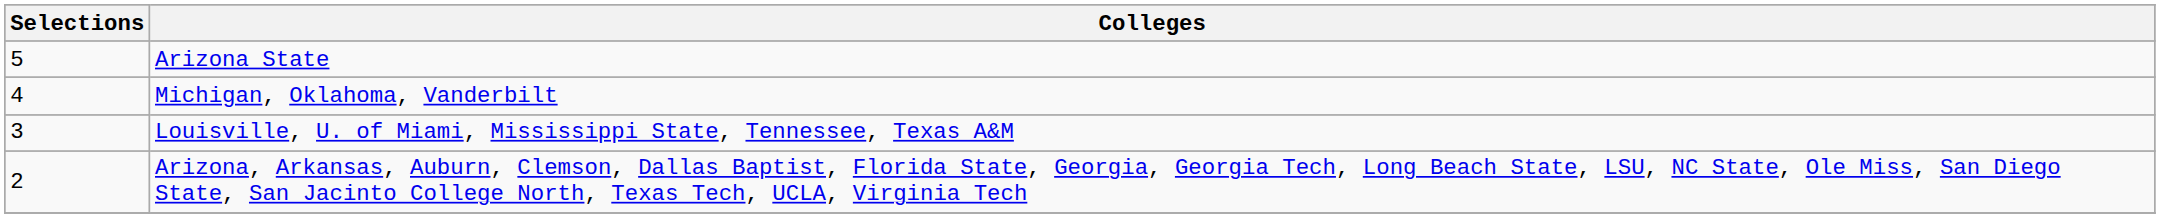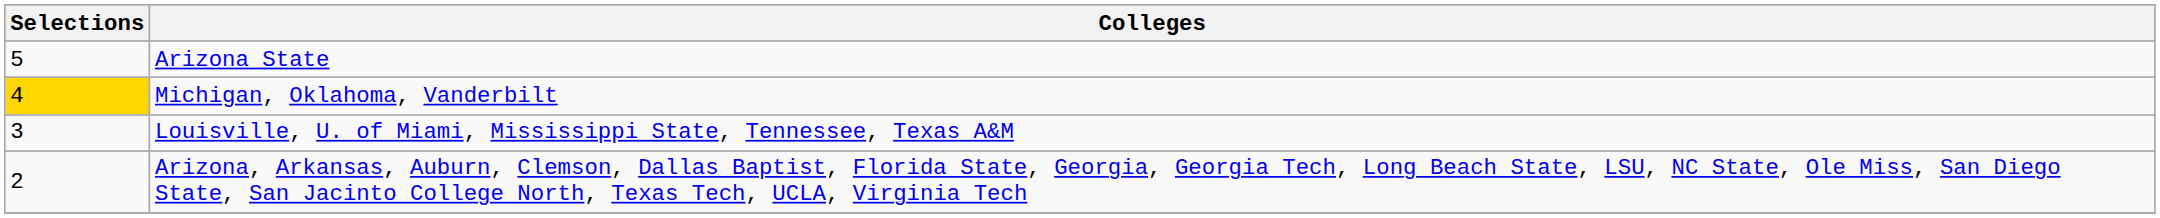 <table class="wikitable ">
 <tr>
 <th>Selections</th>
 <th>Colleges</th>
 </tr>
 <tr>
 <td>5</td>
 <td><a href='#'>Arizona State</a></td>
 </tr>
 <tr>
-<td>4</td>
+<td style="background: gold;">4</td>
 <td><a href='#'>Michigan</a>, <a href='#'>Oklahoma</a>, <a href='#'>Vanderbilt</a></td>
 </tr>
 <tr>
 <td>3</td>
 <td><a href='#'>Louisville</a>, <a href='#'>U. of Miami</a>, <a href='#'>Mississippi State</a>, <a href='#'>Tennessee</a>, <a href='#'>Texas A&M</a></td>
 </tr>
 <tr>
 <td>2</td>
 <td><a href='#'>Arizona</a>, <a href='#'>Arkansas</a>, <a href='#'>Auburn</a>, <a href='#'>Clemson</a>, <a href='#'>Dallas Baptist</a>, <a href='#'>Florida State</a>, <a href='#'>Georgia</a>, <a href='#'>Georgia Tech</a>, <a href='#'>Long Beach State</a>, <a href='#'>LSU</a>, <a href='#'>NC State</a>, <a href='#'>Ole Miss</a>, <a href='#'>San Diego State</a>, <a href='#'>San Jacinto College North</a>, <a href='#'>Texas Tech</a>, <a href='#'>UCLA</a>, <a href='#'>Virginia Tech</a></td>
 </tr>
 <tr>
 </tr>
 </table>
